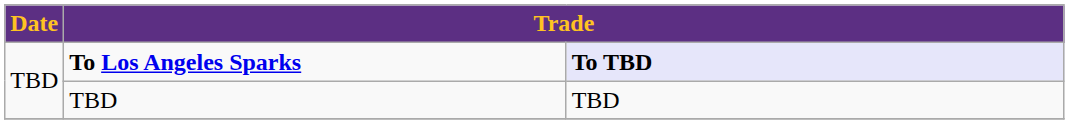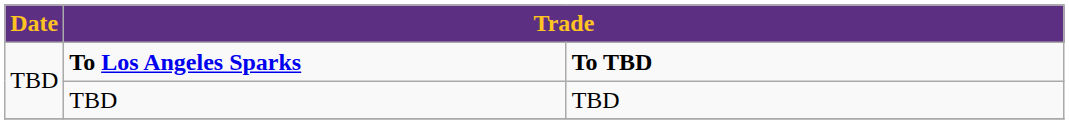 <table class="wikitable" style="width:80%">
 <tr>
 <th style="background:#5c2f83;color:#FFC322; width=125">Date</th>
 <th style="background:#5c2f83;color:#FFC322;" colspan=2>Trade</th>
 </tr>
 <tr>
 <td rowspan=2>TBD</td>
 <td width=375><strong>To <a href='#'>Los Angeles Sparks</a></strong></td>
-<td width=375 style="background: lavender;"><strong>To TBD</strong></td>
+<td width=375><strong>To TBD</strong></td>
 </tr>
 <tr>
 <td>TBD</td>
 <td>TBD</td>
 </tr>
 <tr>
 </tr>
 </table>
